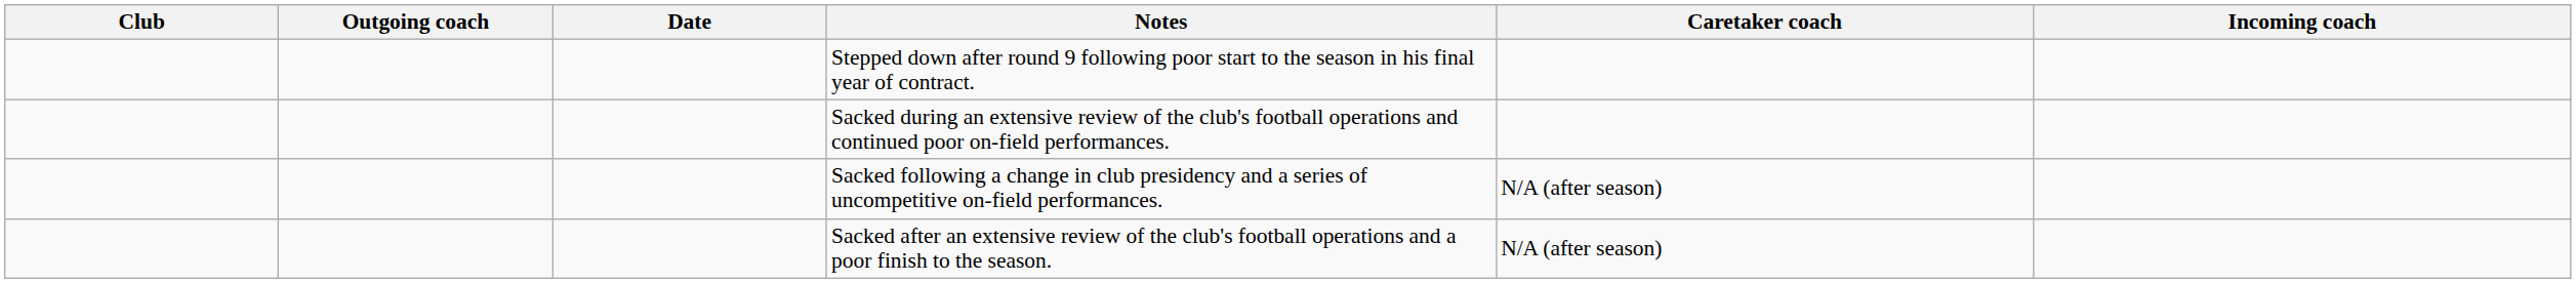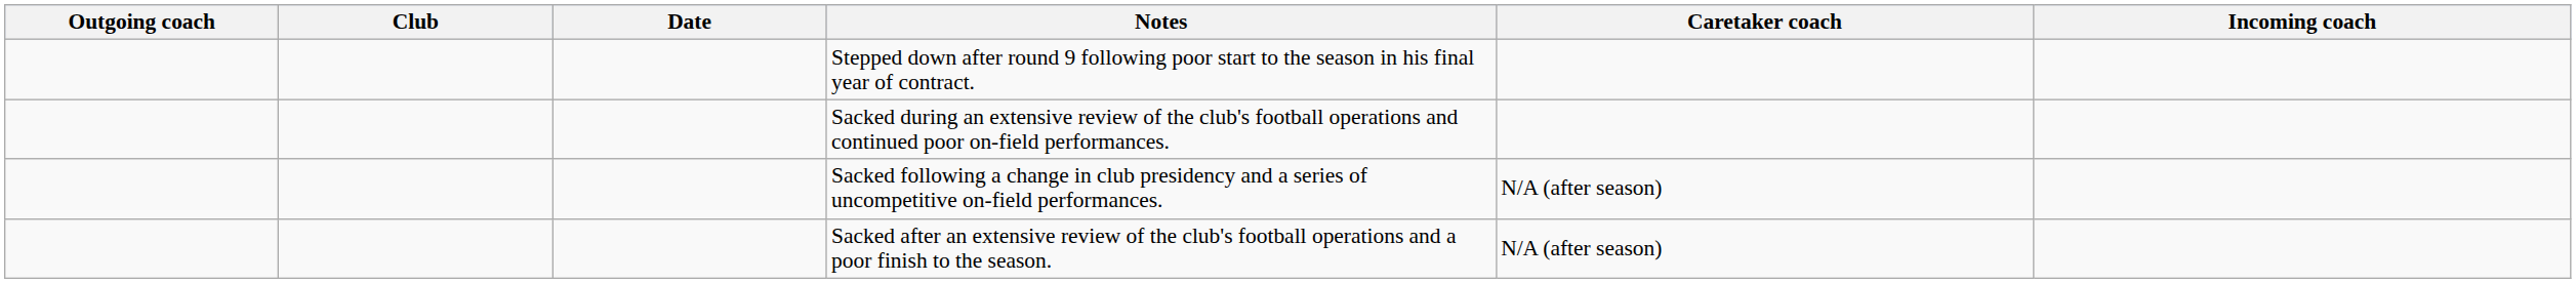 <table class="wikitable plainrowheaders sortable" style="text-align:left;">
 <tr style="background:#C1D8FF;">
+<th scope="col" style="width:12em">Outgoing coach</th>
 <th scope="col" style="width:12em">Club</th>
-<th scope="col" style="width:12em">Outgoing coach</th>
 <th scope="col" style="width:12em">Date</th>
 <th scope="col" style="width:30em">Notes</th>
 <th scope="col" style="width:24em">Caretaker coach</th>
 <th scope="col" style="width:24em">Incoming coach</th>
 </tr>
 <tr>
 <td></td>
 <td></td>
 <td></td>
 <td>Stepped down after round 9 following poor start to the season in his final year of contract.</td>
 <td></td>
 <td></td>
 </tr>
 <tr>
 <td></td>
 <td></td>
 <td></td>
 <td>Sacked during an extensive review of the club's football operations and continued poor on-field performances.</td>
 <td></td>
 <td></td>
 </tr>
 <tr>
 <td></td>
 <td></td>
 <td></td>
 <td>Sacked following a change in club presidency and a series of uncompetitive on-field performances.</td>
 <td>N/A (after season)</td>
 <td></td>
 </tr>
 <tr>
 <td></td>
 <td></td>
 <td></td>
 <td>Sacked after an extensive review of the club's football operations and a poor finish to the season.</td>
 <td>N/A (after season)</td>
 <td></td>
 </tr>
 </table>
